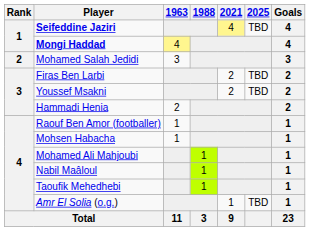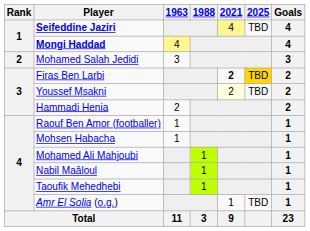 <table class="wikitable" style="text-align:center; font-size:85%">
 <tr>
 <th>Rank</th>
 <th>Player</th>
 <th><a href='#'>1963</a></th>
 <th><a href='#'>1988</a></th>
 <th><a href='#'>2021</a></th>
 <th><a href='#'>2025</a></th>
 <th>Goals</th>
 </tr>
 <tr>
 <th rowspan="2">1</th>
 <td align="left"><strong><a href='#'>Seifeddine Jaziri</a></strong></td>
 <td colspan="2" bgcolor=efefef></td>
 <td bgcolor=fff68f>4</td>
 <td>TBD</td>
 <th>4</th>
 </tr>
 <tr>
 <td align="left"><strong><a href='#'>Mongi Haddad</a></strong></td>
 <td bgcolor=fff68f>4</td>
 <td colspan="3" bgcolor="efefef"></td>
 <th>4</th>
 </tr>
 <tr>
 <th>2</th>
 <td align="left"><a href='#'>Mohamed Salah Jedidi</a></td>
 <td>3</td>
 <td colspan="3" bgcolor="efefef"></td>
 <th>3</th>
 </tr>
 <tr>
 <th rowspan="3">3</th>
 <td align="left"><a href='#'>Firas Ben Larbi</a></td>
 <td colspan="2" bgcolor=efefef></td>
-<td>2</td>
-<td>TBD</td>
+<td><strong>2</strong></td>
+<td style="background: gold;">TBD</td>
 <th>2</th>
 </tr>
 <tr>
 <td align="left"><a href='#'>Youssef Msakni</a></td>
 <td colspan="2" bgcolor=efefef></td>
-<td>2</td>
+<td style="background: lightyellow;">2</td>
 <td>TBD</td>
 <th>2</th>
 </tr>
 <tr>
 <td align="left"><a href='#'>Hammadi Henia</a></td>
 <td>2</td>
 <td colspan="3" bgcolor="efefef"></td>
 <th>2</th>
 </tr>
 <tr>
 <th rowspan="6">4</th>
 <td align="left"><a href='#'>Raouf Ben Amor (footballer)</a></td>
 <td>1</td>
 <td colspan="3" bgcolor="efefef"></td>
 <th>1</th>
 </tr>
 <tr>
 <td align="left"><a href='#'>Mohsen Habacha</a></td>
 <td>1</td>
 <td colspan="3" bgcolor="efefef"></td>
 <th>1</th>
 </tr>
 <tr>
 <td align="left"><a href='#'>Mohamed Ali Mahjoubi</a></td>
 <td bgcolor=efefef></td>
 <td bgcolor=bfff00>1</td>
 <td colspan="2" bgcolor="efefef"></td>
 <th>1</th>
 </tr>
 <tr>
 <td align="left"><a href='#'>Nabil Maâloul</a></td>
 <td bgcolor=efefef></td>
 <td bgcolor=bfff00>1</td>
 <td colspan="2" bgcolor="efefef"></td>
 <th>1</th>
 </tr>
 <tr>
 <td align="left"><a href='#'>Taoufik Mehedhebi</a></td>
 <td bgcolor=efefef></td>
 <td bgcolor=bfff00>1</td>
 <td colspan="2" bgcolor="efefef"></td>
 <th>1</th>
 </tr>
 <tr>
 <td align="left"> <em><a href='#'>Amr El Solia</a></em> (<a href='#'>o.g.</a>)</td>
 <td colspan="2" bgcolor=efefef></td>
 <td>1</td>
 <td>TBD</td>
 <th>1</th>
 </tr>
 <tr>
 <th colspan="2" bgcolor=efefef>Total</th>
 <th>11</th>
 <th>3</th>
 <th>9</th>
 <th></th>
 <th>23</th>
 </tr>
 </table>
